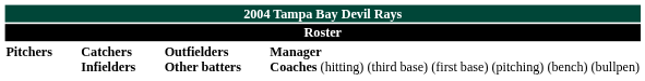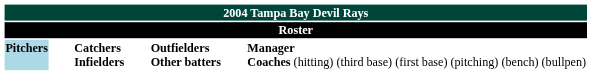 <table class="toccolours" style="font-size: 95%;">
 <tr>
 <th colspan="10" style="background-color: #004638; color: #FFFFFF; text-align: center;">2004 Tampa Bay Devil Rays</th>
 </tr>
 <tr>
 <td colspan="10" style="background-color: #000; color: #FFFFFF; text-align: center;"><strong>Roster</strong></td>
 </tr>
 <tr>
-<td valign="top"><strong>Pitchers</strong><br>                       </td>
+<td valign="top" style="background: lightblue;"><strong>Pitchers</strong><br>                       </td>
 <td width="25px"></td>
 <td valign="top"><strong>Catchers</strong><br>  <strong>Infielders</strong>         </td>
 <td width="25px"></td>
 <td valign="top"><strong>Outfielders</strong><br>        <strong>Other batters</strong>     </td>
 <td width="25px"></td>
 <td valign="top"><strong>Manager</strong><br> <strong>Coaches</strong>  (hitting)  (third base)  (first base)  (pitching)  (bench)  (bullpen)</td>
 </tr>
 <tr>
 </tr>
 </table>
